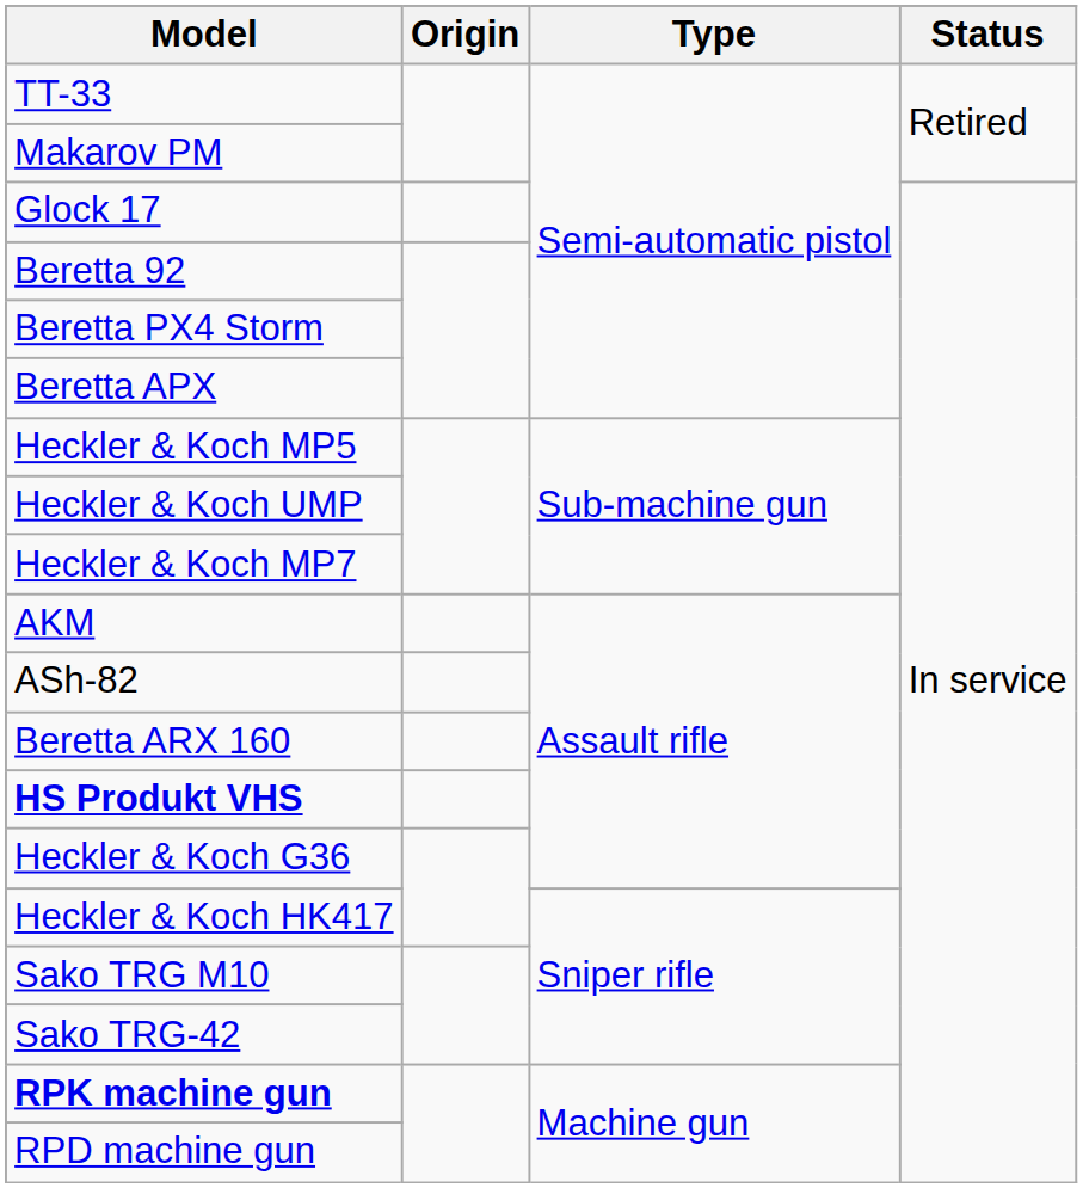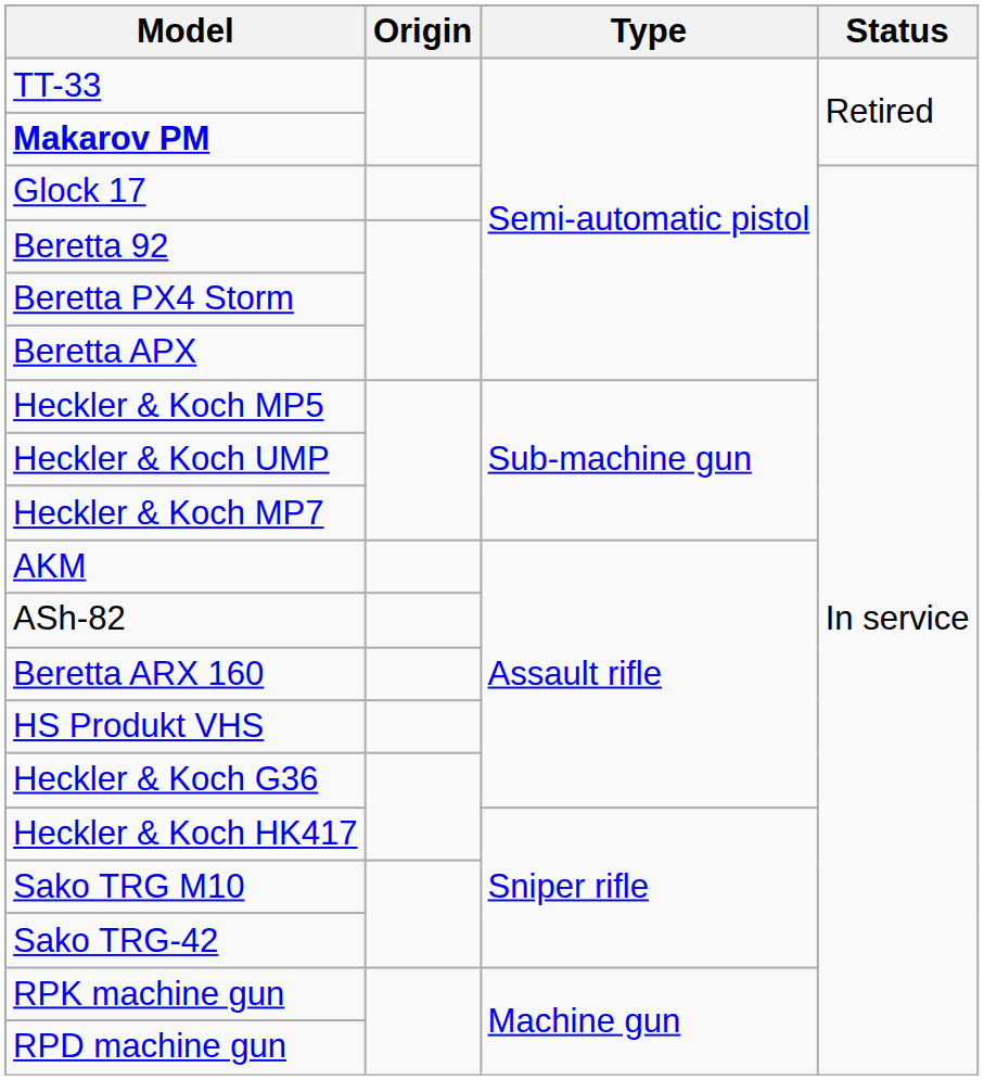 <table class="wikitable">
 <tr>
 <th>Model</th>
 <th>Origin</th>
 <th>Type</th>
 <th>Status</th>
 </tr>
 <tr>
 <td><a href='#'>TT-33</a></td>
 <td rowspan="2"></td>
 <td rowspan="6"><a href='#'>Semi-automatic pistol</a></td>
 <td rowspan="2">Retired</td>
 </tr>
 <tr>
-<td><a href='#'>Makarov PM</a></td>
+<td><strong><a href='#'>Makarov PM</a></strong></td>
 </tr>
 <tr>
 <td><a href='#'>Glock 17</a></td>
 <td></td>
 <td rowspan="17">In service</td>
 </tr>
 <tr>
 <td><a href='#'>Beretta 92</a></td>
 <td rowspan="3"></td>
 </tr>
 <tr>
 <td><a href='#'>Beretta PX4 Storm</a></td>
 </tr>
 <tr>
 <td><a href='#'>Beretta APX</a></td>
 </tr>
 <tr>
 <td><a href='#'>Heckler & Koch MP5</a></td>
 <td rowspan="3"></td>
 <td rowspan="3"><a href='#'>Sub-machine gun</a></td>
 </tr>
 <tr>
 <td><a href='#'>Heckler & Koch UMP</a></td>
 </tr>
 <tr>
 <td><a href='#'>Heckler & Koch MP7</a></td>
 </tr>
 <tr>
 <td><a href='#'>AKM</a></td>
 <td></td>
 <td rowspan="5"><a href='#'>Assault rifle</a></td>
 </tr>
 <tr>
 <td>ASh-82</td>
 <td></td>
 </tr>
 <tr>
 <td><a href='#'>Beretta ARX 160</a></td>
 <td></td>
 </tr>
 <tr>
-<td><strong><a href='#'>HS Produkt VHS</a></strong></td>
+<td><a href='#'>HS Produkt VHS</a></td>
 <td></td>
 </tr>
 <tr>
 <td><a href='#'>Heckler & Koch G36</a></td>
 <td rowspan="2"></td>
 </tr>
 <tr>
 <td><a href='#'>Heckler & Koch HK417</a></td>
 <td rowspan="3"><a href='#'>Sniper rifle</a></td>
 </tr>
 <tr>
 <td><a href='#'>Sako TRG M10</a></td>
 <td rowspan="2"></td>
 </tr>
 <tr>
 <td><a href='#'>Sako TRG-42</a></td>
 </tr>
 <tr>
-<td><strong><a href='#'>RPK machine gun</a></strong></td>
+<td><a href='#'>RPK machine gun</a></td>
 <td rowspan="2"></td>
 <td rowspan="2"><a href='#'>Machine gun</a></td>
 </tr>
 <tr>
 <td><a href='#'>RPD machine gun</a></td>
 </tr>
 </table>
